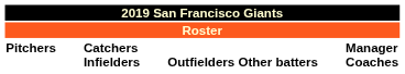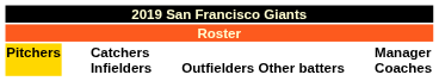 <table class="toccolours" style="font-size: 95%;">
 <tr>
 <th colspan="10" style="background:black; color:#fffdd0; text-align:center;">2019 San Francisco Giants</th>
 </tr>
 <tr>
 <td colspan="10" style="background:#fd5a1e; color:#fffdd0; text-align:center;"><strong>Roster</strong></td>
 </tr>
 <tr>
-<td valign="top"><strong>Pitchers</strong><br>                               </td>
+<td valign="top" style="background: gold;"><strong>Pitchers</strong><br>                               </td>
 <td style="width:25px;"></td>
 <td valign="top"><strong>Catchers</strong><br>    <strong>Infielders</strong>              </td>
 <td style="width:25px;"></td>
 <td valign="top"><br><strong>Outfielders</strong>              <strong>Other batters</strong> </td>
 <td style="width:25px;"></td>
 <td valign="top"><strong>Manager</strong><br> <strong>Coaches</strong>                    </td>
 </tr>
 </table>
